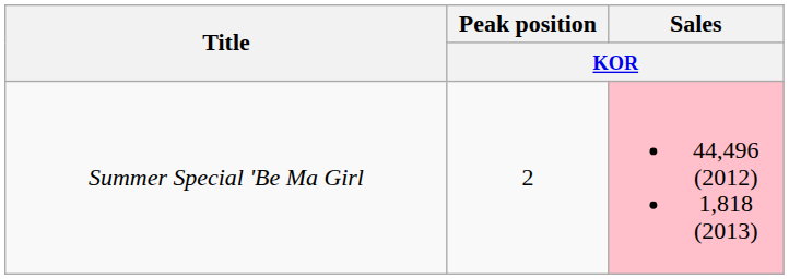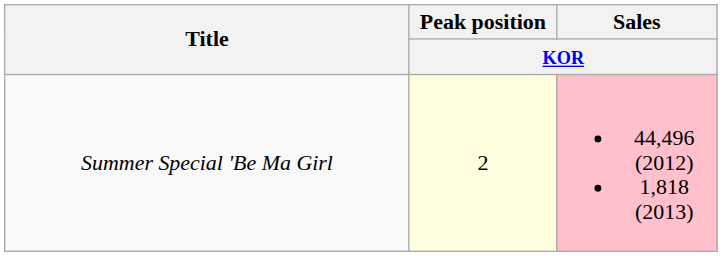 <table class="wikitable" style="text-align:center;">
 <tr>
 <th rowspan="2" style="width:18em;">Title</th>
 <th style="width:100px">Peak position</th>
 <th style="width:110px">Sales</th>
 </tr>
 <tr>
 <th colspan="2"><small><a href='#'>KOR</a></small></th>
 </tr>
 <tr>
 <td><em>Summer Special 'Be Ma Girl<strong></td>
-<td>2</td>
+<td style="background: lightyellow;">2</td>
 <td style="background: pink;"><br><ul><li>44,496 (2012)</li><li>1,818 (2013)</li></ul></td>
 </tr>
 </table>
